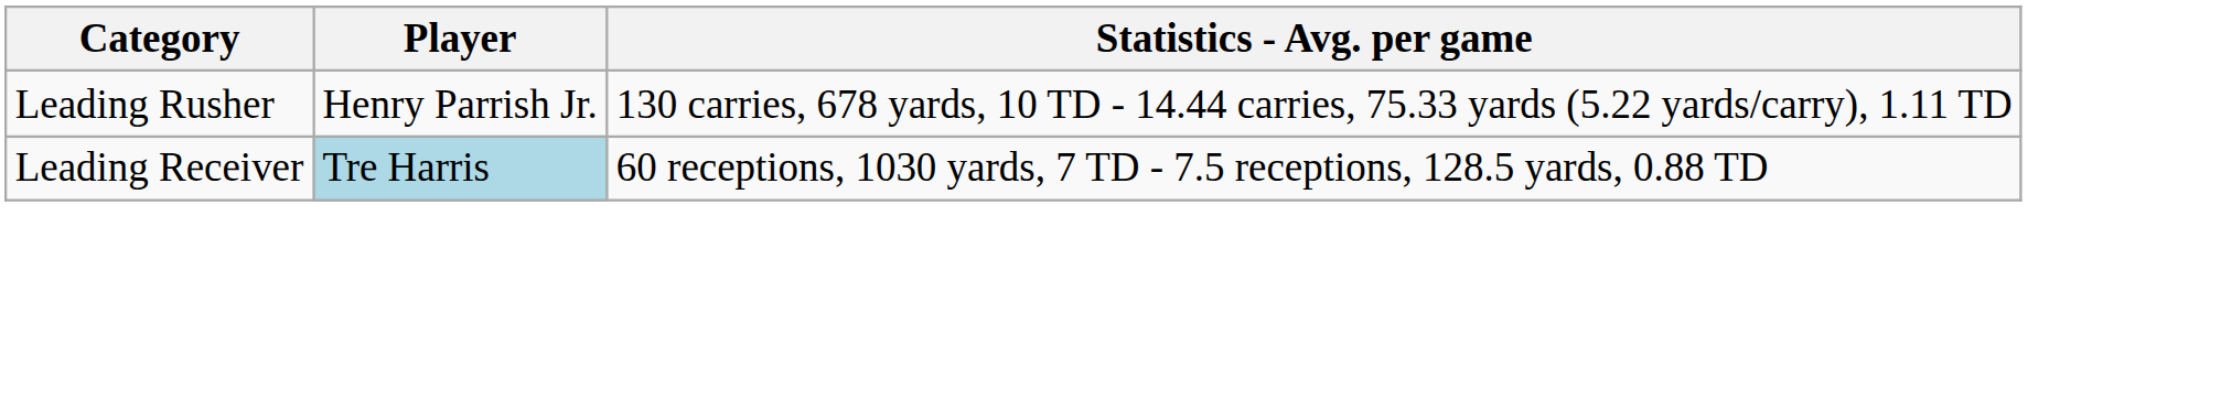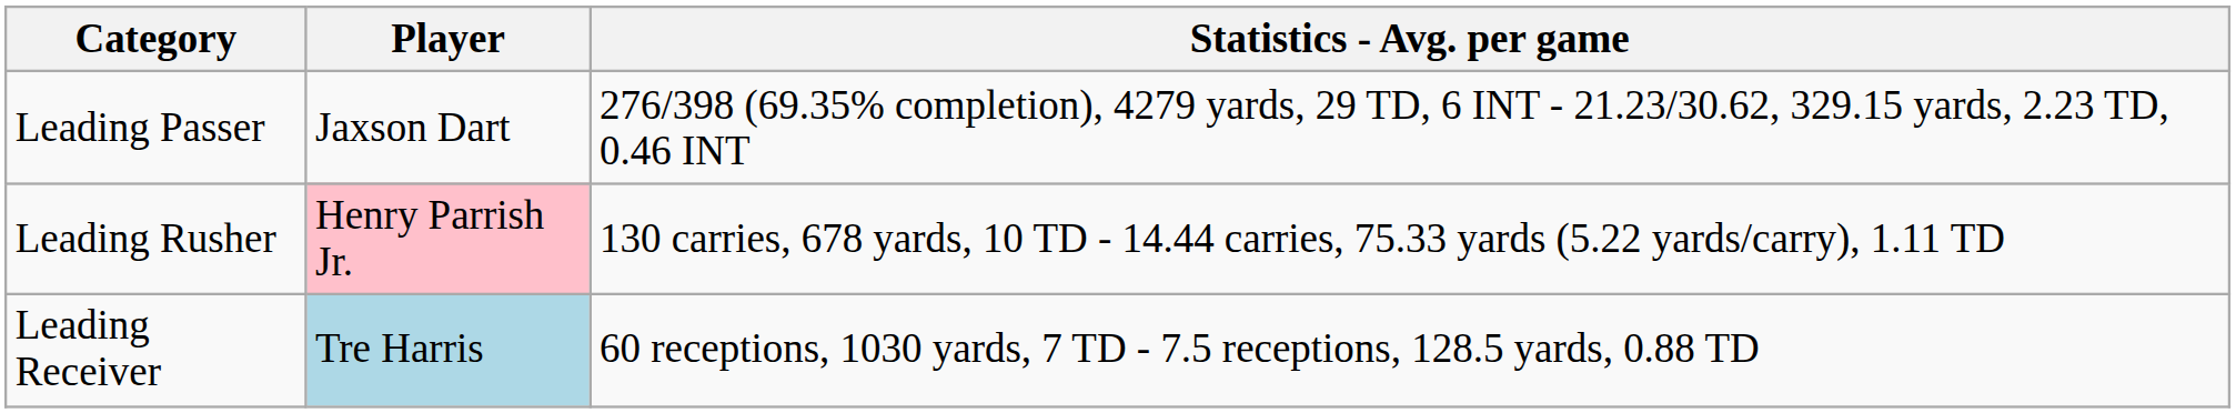 <table class="wikitable" style="float: left;">
 <tr>
 <th>Category</th>
 <th>Player</th>
 <th>Statistics - Avg. per game</th>
 </tr>
 <tr>
+<td>Leading Passer</td>
+<td>Jaxson Dart</td>
+<td>276/398 (69.35% completion), 4279 yards, 29 TD, 6 INT - 21.23/30.62, 329.15 yards, 2.23 TD, 0.46 INT</td>
+</tr>
+<tr>
 <td>Leading Rusher</td>
-<td>Henry Parrish Jr.</td>
+<td style="background: pink;">Henry Parrish Jr.</td>
 <td>130 carries, 678 yards, 10 TD - 14.44 carries, 75.33 yards (5.22 yards/carry), 1.11 TD</td>
 </tr>
 <tr>
 <td>Leading Receiver</td>
 <td style="background: lightblue;">Tre Harris</td>
 <td>60 receptions, 1030 yards, 7 TD - 7.5 receptions, 128.5 yards, 0.88 TD</td>
 </tr>
 </table>
